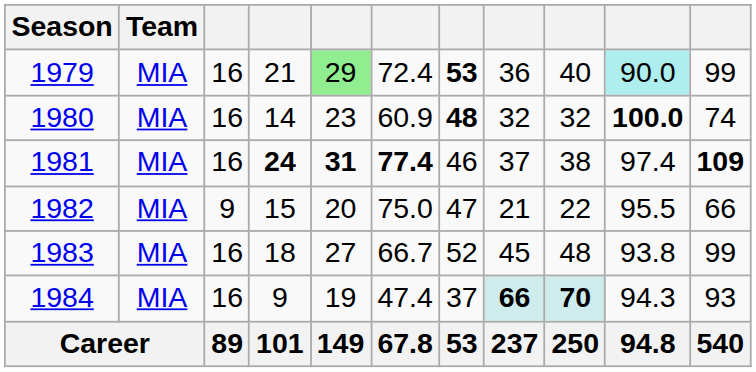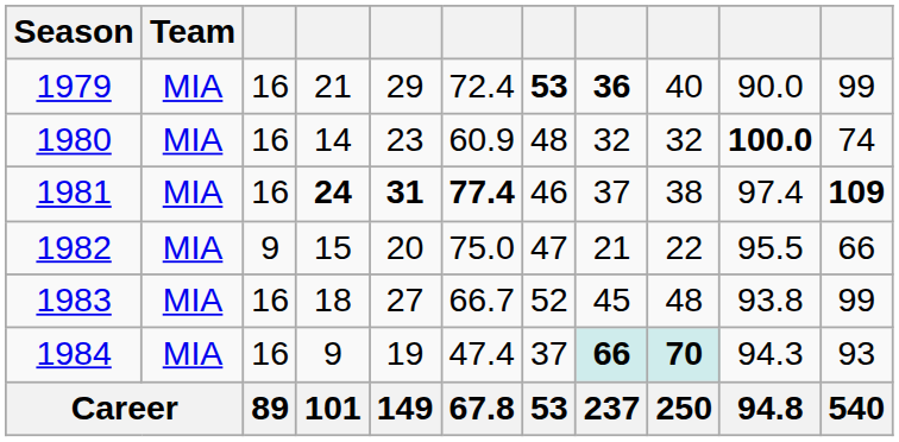 <table class="wikitable" style="text-align:center;">
 <tr>
 <th>Season</th>
 <th>Team</th>
 <th></th>
 <th></th>
 <th></th>
 <th></th>
 <th></th>
 <th></th>
 <th></th>
 <th></th>
 <th></th>
 </tr>
 <tr>
 <td><a href='#'>1979</a></td>
 <td><a href='#'>MIA</a></td>
 <td>16</td>
 <td>21</td>
-<td style="background: lightgreen;">29</td>
+<td>29</td>
 <td>72.4</td>
 <td><strong>53</strong></td>
-<td>36</td>
+<td><strong>36</strong></td>
 <td>40</td>
-<td style="background: paleturquoise;">90.0</td>
+<td>90.0</td>
 <td>99</td>
 </tr>
 <tr>
 <td><a href='#'>1980</a></td>
 <td><a href='#'>MIA</a></td>
 <td>16</td>
 <td>14</td>
 <td>23</td>
 <td>60.9</td>
-<td><strong>48</strong></td>
+<td>48</td>
 <td>32</td>
 <td>32</td>
 <td><strong>100.0</strong></td>
 <td>74</td>
 </tr>
 <tr>
 <td><a href='#'>1981</a></td>
 <td><a href='#'>MIA</a></td>
 <td>16</td>
 <td><strong>24</strong></td>
 <td><strong>31</strong></td>
 <td><strong>77.4</strong></td>
 <td>46</td>
 <td>37</td>
 <td>38</td>
 <td>97.4</td>
 <td><strong>109</strong></td>
 </tr>
 <tr>
 <td><a href='#'>1982</a></td>
 <td><a href='#'>MIA</a></td>
 <td>9</td>
 <td>15</td>
 <td>20</td>
 <td>75.0</td>
 <td>47</td>
 <td>21</td>
 <td>22</td>
 <td>95.5</td>
 <td>66</td>
 </tr>
 <tr>
 <td><a href='#'>1983</a></td>
 <td><a href='#'>MIA</a></td>
 <td>16</td>
 <td>18</td>
 <td>27</td>
 <td>66.7</td>
 <td>52</td>
 <td>45</td>
 <td>48</td>
 <td>93.8</td>
 <td>99</td>
 </tr>
 <tr>
 <td><a href='#'>1984</a></td>
 <td><a href='#'>MIA</a></td>
 <td>16</td>
 <td>9</td>
 <td>19</td>
 <td>47.4</td>
 <td>37</td>
 <td style="background:#cfecec;"><strong>66</strong></td>
 <td style="background:#cfecec;"><strong>70</strong></td>
 <td>94.3</td>
 <td>93</td>
 </tr>
 <tr>
 <th colspan="2">Career</th>
 <th>89</th>
 <th>101</th>
 <th>149</th>
 <th>67.8</th>
 <th>53</th>
 <th>237</th>
 <th>250</th>
 <th>94.8</th>
 <th>540</th>
 </tr>
 </table>
